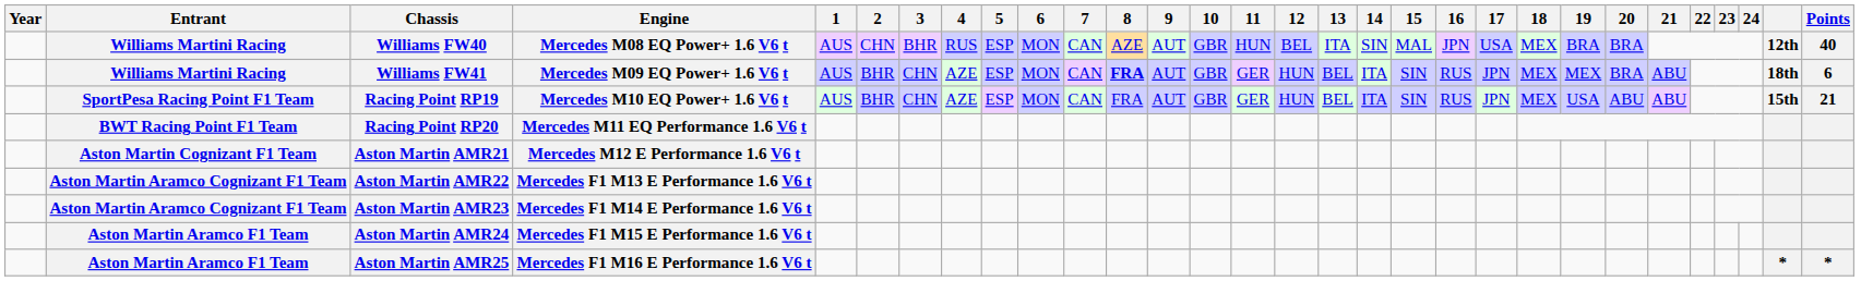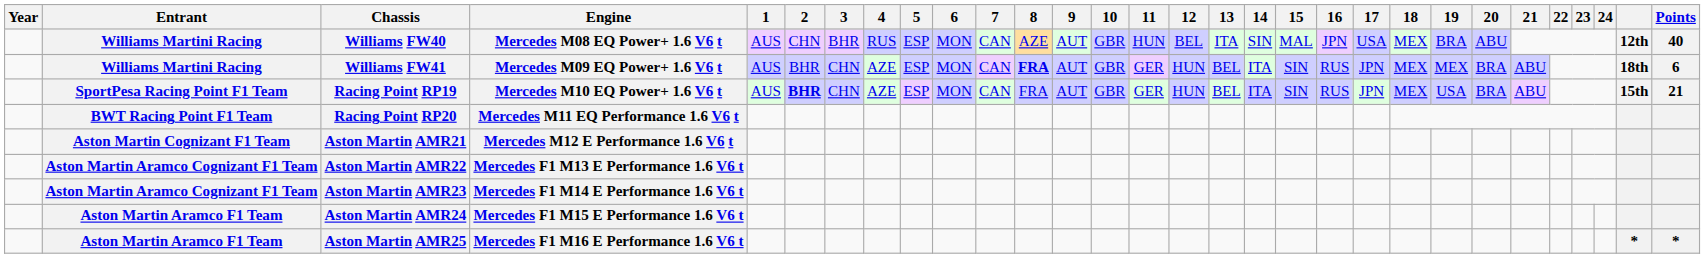 <table class="wikitable" style="text-align:center; font-size:85%;">
 <tr>
 <th>Year</th>
 <th>Entrant</th>
 <th>Chassis</th>
 <th>Engine</th>
 <th>1</th>
 <th>2</th>
 <th>3</th>
 <th>4</th>
 <th>5</th>
 <th>6</th>
 <th>7</th>
 <th>8</th>
 <th>9</th>
 <th>10</th>
 <th>11</th>
 <th>12</th>
 <th>13</th>
 <th>14</th>
 <th>15</th>
 <th>16</th>
 <th>17</th>
 <th>18</th>
 <th>19</th>
 <th>20</th>
 <th>21</th>
 <th>22</th>
 <th>23</th>
 <th>24</th>
 <th></th>
 <th><a href='#'>Points</a></th>
 </tr>
 <tr>
 <td id=2017R></td>
 <th><a href='#'>Williams Martini Racing</a></th>
 <th><a href='#'>Williams</a> <a href='#'>FW40</a></th>
 <th><a href='#'>Mercedes</a> M08 EQ Power+ 1.6 <a href='#'>V6</a> <a href='#'>t</a></th>
 <td style="background:#EFCFFF;"><a href='#'>AUS</a><br></td>
 <td style="background:#EFCFFF;"><a href='#'>CHN</a><br></td>
 <td style="background:#EFCFFF;"><a href='#'>BHR</a><br></td>
 <td style="background:#CFCFFF;"><a href='#'>RUS</a><br></td>
 <td style="background:#CFCFFF;"><a href='#'>ESP</a><br></td>
 <td style="background:#CFCFFF;"><a href='#'>MON</a><br></td>
 <td style="background:#DFFFDF;"><a href='#'>CAN</a><br></td>
 <td style="background:#FFDF9F;"><a href='#'>AZE</a><br></td>
 <td style="background:#DFFFDF;"><a href='#'>AUT</a><br></td>
 <td style="background:#CFCFFF;"><a href='#'>GBR</a><br></td>
 <td style="background:#CFCFFF;"><a href='#'>HUN</a><br></td>
 <td style="background:#CFCFFF;"><a href='#'>BEL</a><br></td>
 <td style="background:#DFFFDF;"><a href='#'>ITA</a><br></td>
 <td style="background:#DFFFDF;"><a href='#'>SIN</a><br></td>
 <td style="background:#DFFFDF;"><a href='#'>MAL</a><br></td>
 <td style="background:#EFCFFF;"><a href='#'>JPN</a><br></td>
 <td style="background:#CFCFFF;"><a href='#'>USA</a><br></td>
 <td style="background:#DFFFDF;"><a href='#'>MEX</a><br></td>
 <td style="background:#CFCFFF;"><a href='#'>BRA</a><br></td>
-<td style="background:#CFCFFF;"><a href='#'>BRA</a><br></td>
+<td style="background:#CFCFFF;"><a href='#'>ABU</a><br></td>
 <td colspan=4></td>
 <th>12th</th>
 <th>40</th>
 </tr>
 <tr>
 <td id=2018R></td>
 <th><a href='#'>Williams Martini Racing</a></th>
 <th><a href='#'>Williams</a> <a href='#'>FW41</a></th>
 <th><a href='#'>Mercedes</a> M09 EQ Power+ 1.6 <a href='#'>V6</a> <a href='#'>t</a></th>
 <td style="background:#CFCFFF;"><a href='#'>AUS</a><br></td>
 <td style="background:#CFCFFF;"><a href='#'>BHR</a><br></td>
 <td style="background:#CFCFFF;"><a href='#'>CHN</a><br></td>
 <td style="background:#DFFFDF;"><a href='#'>AZE</a><br></td>
 <td style="background:#CFCFFF;"><a href='#'>ESP</a><br></td>
 <td style="background:#CFCFFF;"><a href='#'>MON</a><br></td>
 <td style="background:#EFCFFF;"><a href='#'>CAN</a><br></td>
 <td style="background:#CFCFFF;"><strong><a href='#'>FRA</a><br></strong></td>
 <td style="background:#CFCFFF;"><a href='#'>AUT</a><br></td>
 <td style="background:#CFCFFF;"><a href='#'>GBR</a><br></td>
 <td style="background:#EFCFFF;"><a href='#'>GER</a><br></td>
 <td style="background:#CFCFFF;"><a href='#'>HUN</a><br></td>
 <td style="background:#CFCFFF;"><a href='#'>BEL</a><br></td>
 <td style="background:#DFFFDF;"><a href='#'>ITA</a><br></td>
 <td style="background:#CFCFFF;"><a href='#'>SIN</a><br></td>
 <td style="background:#CFCFFF;"><a href='#'>RUS</a><br></td>
 <td style="background:#CFCFFF;"><a href='#'>JPN</a><br></td>
 <td style="background:#CFCFFF;"><a href='#'>MEX</a><br></td>
 <td style="background:#CFCFFF;"><a href='#'>MEX</a><br></td>
 <td style="background:#CFCFFF;"><a href='#'>BRA</a><br></td>
 <td style="background:#CFCFFF;"><a href='#'>ABU</a><br></td>
 <td colspan=3></td>
 <th>18th</th>
 <th>6</th>
 </tr>
 <tr>
 <td id=2019R></td>
 <th><a href='#'>SportPesa Racing Point F1 Team</a></th>
 <th><a href='#'>Racing Point</a> <a href='#'>RP19</a></th>
 <th><a href='#'>Mercedes</a> M10 EQ Power+ 1.6 <a href='#'>V6</a> <a href='#'>t</a></th>
 <td style="background:#DFFFDF;"><a href='#'>AUS</a><br></td>
-<td style="background:#CFCFFF;"><a href='#'>BHR</a><br></td>
+<td style="background:#CFCFFF;"><strong><a href='#'>BHR</a><br></strong></td>
 <td style="background:#CFCFFF;"><a href='#'>CHN</a><br></td>
 <td style="background:#DFFFDF;"><a href='#'>AZE</a><br></td>
 <td style="background:#EFCFFF;"><a href='#'>ESP</a><br></td>
 <td style="background:#CFCFFF;"><a href='#'>MON</a><br></td>
 <td style="background:#DFFFDF;"><a href='#'>CAN</a><br></td>
 <td style="background:#CFCFFF;"><a href='#'>FRA</a><br></td>
 <td style="background:#CFCFFF;"><a href='#'>AUT</a><br></td>
 <td style="background:#CFCFFF;"><a href='#'>GBR</a><br></td>
 <td style="background:#DFFFDF;"><a href='#'>GER</a><br></td>
 <td style="background:#CFCFFF;"><a href='#'>HUN</a><br></td>
 <td style="background:#DFFFDF;"><a href='#'>BEL</a> <br></td>
 <td style="background:#CFCFFF;"><a href='#'>ITA</a><br></td>
 <td style="background:#CFCFFF;"><a href='#'>SIN</a><br></td>
 <td style="background:#CFCFFF;"><a href='#'>RUS</a><br></td>
 <td style="background:#DFFFDF;"><a href='#'>JPN</a><br></td>
 <td style="background:#CFCFFF;"><a href='#'>MEX</a><br></td>
 <td style="background:#CFCFFF;"><a href='#'>USA</a><br></td>
-<td style="background:#CFCFFF;"><a href='#'>ABU</a><br></td>
+<td style="background:#CFCFFF;"><a href='#'>BRA</a><br></td>
 <td style="background:#EFCFFF;"><a href='#'>ABU</a><br></td>
 <td colspan=3></td>
 <th>15th</th>
 <th>21</th>
 </tr>
 <tr>
 <td id=2020R></td>
 <th><a href='#'>BWT Racing Point F1 Team</a></th>
 <th><a href='#'>Racing Point</a> <a href='#'>RP20</a></th>
 <th><a href='#'>Mercedes</a> M11 EQ Performance 1.6 <a href='#'>V6</a> <a href='#'>t</a></th>
 <td></td>
 <td></td>
 <td></td>
 <td></td>
 <td></td>
 <td></td>
 <td></td>
 <td></td>
 <td></td>
 <td></td>
 <td></td>
 <td></td>
 <td></td>
 <td></td>
 <td></td>
 <td></td>
 <td></td>
 <td colspan=7></td>
 <th></th>
 <th></th>
 </tr>
 <tr>
 <td></td>
 <th><a href='#'>Aston Martin Cognizant F1 Team</a></th>
 <th><a href='#'>Aston Martin</a> <a href='#'>AMR21</a></th>
 <th><a href='#'>Mercedes</a> M12 E Performance 1.6 <a href='#'>V6</a> <a href='#'>t</a></th>
 <td></td>
 <td></td>
 <td></td>
 <td></td>
 <td></td>
 <td></td>
 <td></td>
 <td></td>
 <td></td>
 <td></td>
 <td></td>
 <td></td>
 <td></td>
 <td></td>
 <td></td>
 <td></td>
 <td></td>
 <td></td>
 <td></td>
 <td></td>
 <td></td>
 <td></td>
 <td colspan=2></td>
 <th></th>
 <th></th>
 </tr>
 <tr>
 <td id=2022R></td>
 <th><a href='#'>Aston Martin Aramco Cognizant F1 Team</a></th>
 <th><a href='#'>Aston Martin</a> <a href='#'>AMR22</a></th>
 <th><a href='#'>Mercedes</a> F1 M13 E Performance 1.6 <a href='#'>V6 t</a></th>
 <td></td>
 <td></td>
 <td></td>
 <td></td>
 <td></td>
 <td></td>
 <td></td>
 <td></td>
 <td></td>
 <td></td>
 <td></td>
 <td></td>
 <td></td>
 <td></td>
 <td></td>
 <td></td>
 <td></td>
 <td></td>
 <td></td>
 <td></td>
 <td></td>
 <td></td>
 <td colspan=2></td>
 <th></th>
 <th></th>
 </tr>
 <tr>
 <td id=2023R></td>
 <th nowrap><a href='#'>Aston Martin Aramco Cognizant F1 Team</a></th>
 <th nowrap><a href='#'>Aston Martin</a> <a href='#'>AMR23</a></th>
 <th nowrap><a href='#'>Mercedes</a> F1 M14 E Performance 1.6 <a href='#'>V6 t</a></th>
 <td></td>
 <td></td>
 <td></td>
 <td></td>
 <td></td>
 <td></td>
 <td></td>
 <td></td>
 <td></td>
 <td></td>
 <td></td>
 <td></td>
 <td></td>
 <td></td>
 <td></td>
 <td></td>
 <td></td>
 <td></td>
 <td></td>
 <td></td>
 <td></td>
 <td></td>
 <td colspan=2></td>
 <th></th>
 <th></th>
 </tr>
 <tr>
 <td id=2024R></td>
 <th nowrap><a href='#'>Aston Martin Aramco F1 Team</a></th>
 <th nowrap><a href='#'>Aston Martin</a> <a href='#'>AMR24</a></th>
 <th nowrap><a href='#'>Mercedes</a> F1 M15 E Performance 1.6 <a href='#'>V6 t</a></th>
 <td></td>
 <td></td>
 <td></td>
 <td></td>
 <td></td>
 <td></td>
 <td></td>
 <td></td>
 <td></td>
 <td></td>
 <td></td>
 <td></td>
 <td></td>
 <td></td>
 <td></td>
 <td></td>
 <td></td>
 <td></td>
 <td></td>
 <td></td>
 <td></td>
 <td></td>
 <td></td>
 <td></td>
 <th></th>
 <th></th>
 </tr>
 <tr>
 <td id=2025R></td>
 <th nowrap><a href='#'>Aston Martin Aramco F1 Team</a></th>
 <th nowrap><a href='#'>Aston Martin</a> <a href='#'>AMR25</a></th>
 <th nowrap><a href='#'>Mercedes</a> F1 M16 E Performance 1.6 <a href='#'>V6 t</a></th>
 <td></td>
 <td></td>
 <td></td>
 <td></td>
 <td></td>
 <td></td>
 <td></td>
 <td></td>
 <td></td>
 <td></td>
 <td></td>
 <td></td>
 <td></td>
 <td></td>
 <td></td>
 <td></td>
 <td></td>
 <td></td>
 <td></td>
 <td></td>
 <td></td>
 <td></td>
 <td></td>
 <td></td>
 <th>*</th>
 <th>*</th>
 </tr>
 </table>
